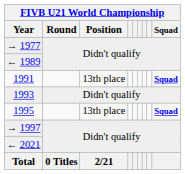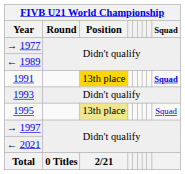 <table class="wikitable" style="text-align: center;">
 <tr>
 <th colspan=9><a href='#'>FIVB U21 World Championship</a></th>
 </tr>
 <tr>
 <th>Year</th>
 <th>Round</th>
 <th>Position</th>
 <th></th>
 <th></th>
 <th></th>
 <th></th>
 <th></th>
 <th><small>Squad</small></th>
 </tr>
 <tr bgcolor="efefef">
 <td> → <a href='#'>1977</a></td>
 <td colspan=9 rowspan=2>Didn't qualify</td>
 </tr>
 <tr bgcolor="efefef">
 <td> ← <a href='#'>1989</a></td>
 </tr>
 <tr>
 <td> <a href='#'>1991</a></td>
 <td></td>
-<td>13th place</td>
+<td style="background: gold;">13th place</td>
 <td></td>
 <td></td>
 <td></td>
 <td></td>
 <td></td>
 <td><strong><small><a href='#'>Squad</a></small></strong></td>
 </tr>
 <tr bgcolor="efefef">
 <td> <a href='#'>1993</a></td>
 <td colspan=8>Didn't qualify</td>
 </tr>
 <tr>
 <td> <a href='#'>1995</a></td>
 <td></td>
-<td>13th place</td>
+<td style="background: khaki;">13th place</td>
 <td></td>
 <td></td>
 <td></td>
 <td></td>
 <td></td>
-<td><strong><small><a href='#'>Squad</a></small></strong></td>
+<td><small><a href='#'>Squad</a></small></td>
 </tr>
 <tr bgcolor="efefef">
 <td> → <a href='#'>1997</a></td>
 <td colspan=8 rowspan=2>Didn't qualify</td>
 </tr>
 <tr bgcolor="efefef">
 <td>  ← <a href='#'>2021</a></td>
 </tr>
 <tr>
 <th>Total</th>
 <th>0 Titles</th>
 <th>2/21</th>
 <th></th>
 <th></th>
 <th></th>
 <th></th>
 <th></th>
 <th></th>
 </tr>
 </table>
